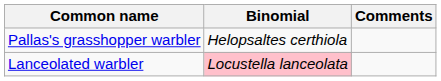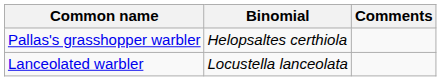 <table class="wikitable">
 <tr>
 <th>Common name</th>
 <th>Binomial</th>
 <th>Comments</th>
 </tr>
 <tr>
 <td><a href='#'>Pallas's grasshopper warbler</a></td>
 <td><em>Helopsaltes certhiola</em></td>
 <td></td>
 </tr>
 <tr>
 <td><a href='#'>Lanceolated warbler</a></td>
-<td style="background: pink;"><em>Locustella lanceolata</em></td>
+<td><em>Locustella lanceolata</em></td>
 </tr>
 </table>
